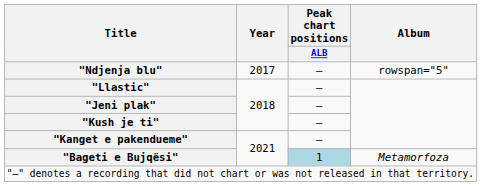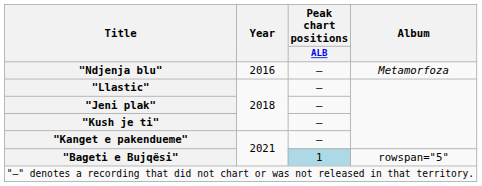 <table class="wikitable plainrowheaders" style="text-align:center;">
 <tr>
 <th scope="col" rowspan="2">Title</th>
 <th scope="col" rowspan="2">Year</th>
 <th scope="col" colspan="1">Peak chart positions</th>
 <th scope="col" rowspan="2">Album</th>
 </tr>
 <tr>
 <th scope="col" style="width:3em;font-size:85%;"><a href='#'>ALB</a><br></th>
 </tr>
 <tr>
 <th scope="row">"Ndjenja blu"</th>
-<td>2017</td>
+<td>2016</td>
 <td>—</td>
-<td>rowspan="5" </td>
+<td rowspan="1"><em>Metamorfoza</em></td>
 </tr>
 <tr>
 <th scope="row">"Llastic"</th>
 <td rowspan="3">2018</td>
 <td>—</td>
 </tr>
 <tr>
 <th scope="row">"Jeni plak"</th>
 <td>—</td>
 </tr>
 <tr>
 <th scope="row">"Kush je ti"</th>
 <td>—</td>
 </tr>
 <tr>
 <th scope="row">"Kanget e pakendueme"</th>
 <td rowspan="2">2021</td>
 <td>—</td>
 </tr>
 <tr>
 <th scope="row">"Bageti e Bujqësi"</th>
 <td style="background: lightblue;">1</td>
-<td rowspan="1"><em>Metamorfoza</em></td>
+<td>rowspan="5" </td>
 </tr>
 <tr>
 <td colspan="11" style="font-size:90%">"—" denotes a recording that did not chart or was not released in that territory.</td>
 </tr>
 </table>
